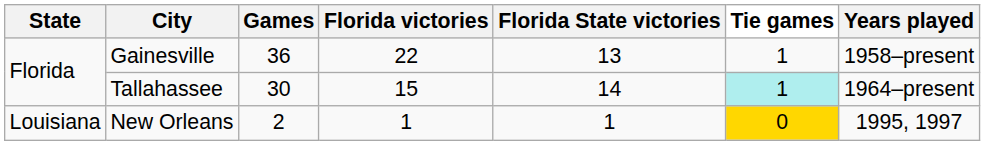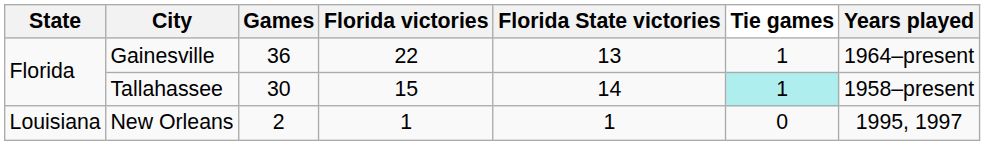 <table class="wikitable sortable">
 <tr>
 <th>State</th>
 <th>City</th>
 <th>Games</th>
 <th>Florida victories</th>
 <th>Florida State victories</th>
 <th style="text-align:center; background:white; color:black;">Tie games</th>
 <th>Years played</th>
 </tr>
 <tr>
 <td rowspan="2">Florida</td>
 <td>Gainesville</td>
 <td style="text-align:center;">36</td>
 <td style="text-align:center;">22</td>
 <td style="text-align:center;">13</td>
 <td style="text-align:center;">1</td>
-<td style="text-align:center;">1958–present</td>
+<td style="text-align:center;">1964–present</td>
 </tr>
 <tr>
 <td>Tallahassee</td>
 <td style="text-align:center;">30</td>
 <td style="text-align:center;">15</td>
 <td style="text-align:center;">14</td>
 <td style="background: paleturquoise; text-align:center;">1</td>
-<td style="text-align:center;">1964–present</td>
+<td style="text-align:center;">1958–present</td>
 </tr>
 <tr>
 <td>Louisiana</td>
 <td>New Orleans</td>
 <td style="text-align:center;">2</td>
 <td style="text-align:center;">1</td>
 <td style="text-align:center;">1</td>
-<td style="background: gold; text-align:center;">0</td>
+<td style="text-align:center;">0</td>
 <td style="text-align:center;">1995, 1997</td>
 </tr>
 </table>
